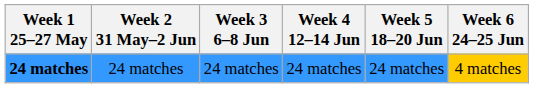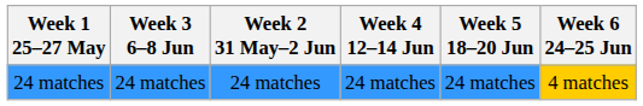 <table class="wikitable" style="margin:0.9em auto; font-size:90%; line-height:1.25em; width:800;">
 <tr>
 <th>Week 1<br>25–27 May</th>
+<th>Week 3<br>6–8 Jun</th>
 <th>Week 2<br>31 May–2 Jun</th>
-<th>Week 3<br>6–8 Jun</th>
 <th>Week 4<br>12–14 Jun</th>
 <th>Week 5<br>18–20 Jun</th>
 <th>Week 6<br>24–25 Jun</th>
 </tr>
 <tr align="center">
-<td bgcolor=#3399ff><strong>24 matches</strong></td>
+<td bgcolor=#3399ff>24 matches</td>
 <td bgcolor=#3399ff>24 matches</td>
 <td bgcolor=#3399ff>24 matches</td>
 <td bgcolor=#3399ff>24 matches</td>
 <td bgcolor=#3399ff>24 matches</td>
 <td bgcolor=#ffcc00>4 matches</td>
 </tr>
 </table>
